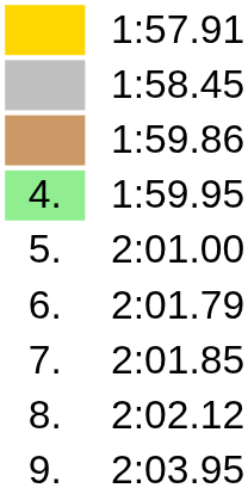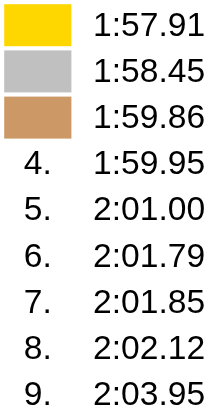 <table style="text-align:center">
 <tr>
 <td width=30 bgcolor=gold></td>
 <td align=left></td>
 <td width=60>1:57.91</td>
 </tr>
 <tr>
 <td bgcolor=silver></td>
 <td align=left></td>
 <td>1:58.45</td>
 </tr>
 <tr>
 <td bgcolor=cc9966></td>
 <td align=left></td>
 <td>1:59.86</td>
 </tr>
 <tr>
-<td style="background: lightgreen;">4.</td>
+<td>4.</td>
 <td align=left></td>
 <td>1:59.95</td>
 </tr>
 <tr>
 <td>5.</td>
 <td align=left></td>
 <td>2:01.00</td>
 </tr>
 <tr>
 <td>6.</td>
 <td align=left></td>
 <td>2:01.79</td>
 </tr>
 <tr>
 <td>7.</td>
 <td align=left></td>
 <td>2:01.85</td>
 </tr>
 <tr>
 <td>8.</td>
 <td align=left></td>
 <td>2:02.12</td>
 </tr>
 <tr>
 <td>9.</td>
 <td align=left></td>
 <td>2:03.95</td>
 </tr>
 </table>
